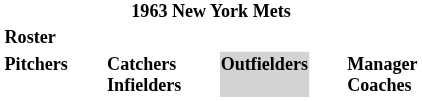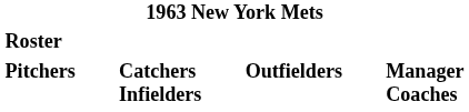 <table class="toccolours" style="font-size: 95%;">
 <tr>
 <th colspan="10">1963 New York Mets</th>
 </tr>
 <tr>
 <td colspan="10"><strong>Roster</strong></td>
 </tr>
 <tr>
 <td valign="top"><strong>Pitchers</strong><br>            </td>
 <td style="width:25px;"></td>
 <td valign="top"><strong>Catchers</strong><br>     <strong>Infielders</strong>          </td>
 <td style="width:25px;"></td>
-<td valign="top" style="background: lightgrey;"><strong>Outfielders</strong><br>           </td>
+<td valign="top"><strong>Outfielders</strong><br>           </td>
 <td style="width:25px;"></td>
 <td valign="top"><strong>Manager</strong><br> <strong>Coaches</strong>    </td>
 </tr>
 </table>
